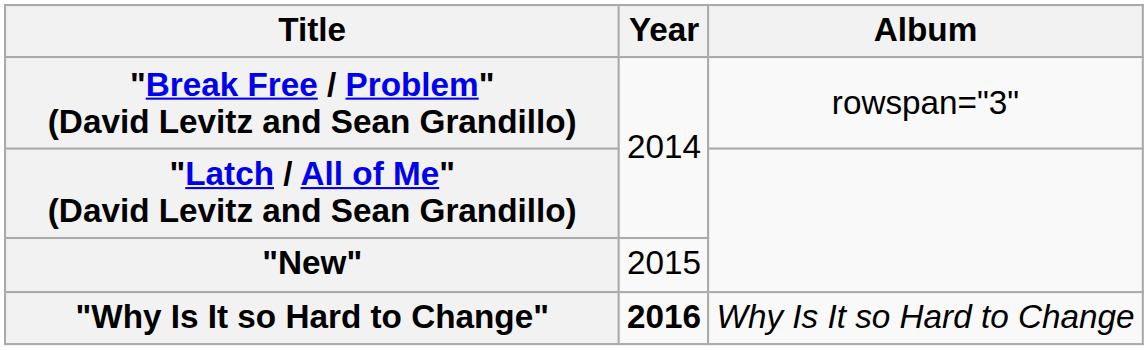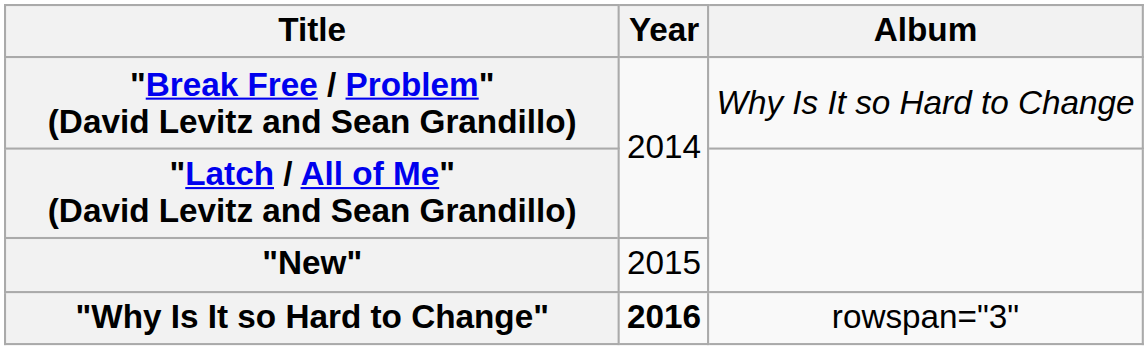 <table class="wikitable plainrowheaders" style="text-align:center;">
 <tr>
 <th scope="col" style="width:18em;">Title</th>
 <th scope="col">Year</th>
 <th scope="col">Album</th>
 </tr>
 <tr>
 <th scope="row">"<a href='#'>Break Free</a> / <a href='#'>Problem</a>"<br><span>(David Levitz and Sean Grandillo)</span></th>
 <td rowspan="2">2014</td>
-<td>rowspan="3" </td>
+<td><em>Why Is It so Hard to Change</em></td>
 </tr>
 <tr>
 <th scope="row">"<a href='#'>Latch</a> / <a href='#'>All of Me</a>"<br><span>(David Levitz and Sean Grandillo)</span></th>
 </tr>
 <tr>
 <th scope="row">"New"</th>
 <td>2015</td>
 </tr>
 <tr>
 <th scope="row">"Why Is It so Hard to Change"</th>
 <td><strong>2016</strong></td>
-<td><em>Why Is It so Hard to Change</em></td>
+<td>rowspan="3" </td>
 </tr>
 </table>
